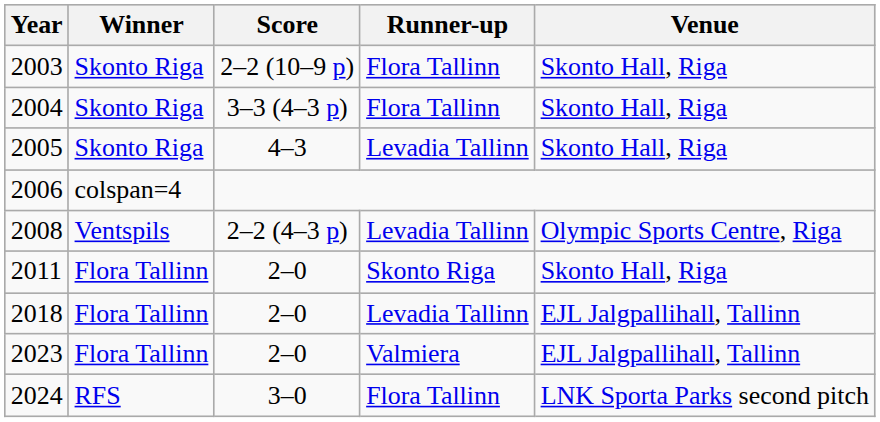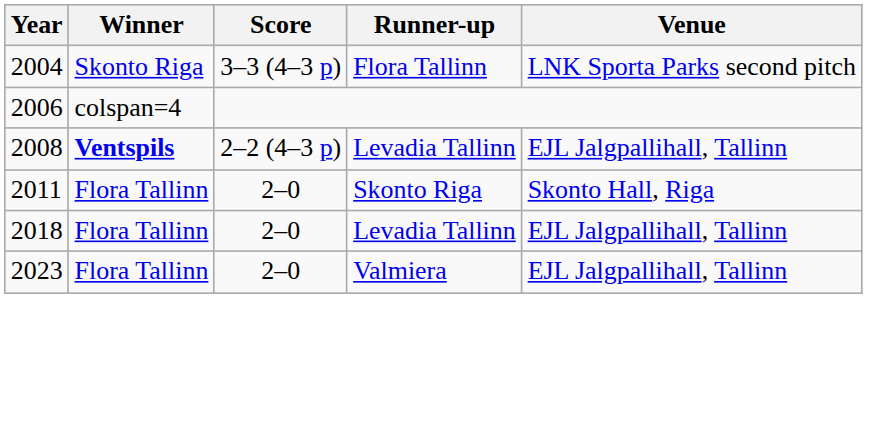 <table class="wikitable sortable">
 <tr>
 <th>Year</th>
 <th>Winner</th>
 <th>Score</th>
 <th>Runner-up</th>
 <th>Venue</th>
 </tr>
 <tr>
-<td>2003</td>
-<td> <a href='#'>Skonto Riga</a></td>
-<td align=center>2–2 (10–9 <a href='#'>p</a>)</td>
-<td> <a href='#'>Flora Tallinn</a></td>
-<td><a href='#'>Skonto Hall</a>, <a href='#'>Riga</a></td>
-</tr>
-<tr>
 <td>2004</td>
 <td> <a href='#'>Skonto Riga</a></td>
 <td align=center>3–3 (4–3 <a href='#'>p</a>)</td>
 <td> <a href='#'>Flora Tallinn</a></td>
-<td><a href='#'>Skonto Hall</a>, <a href='#'>Riga</a></td>
-</tr>
-<tr>
-<td>2005</td>
-<td> <a href='#'>Skonto Riga</a></td>
-<td align=center>4–3</td>
-<td> <a href='#'>Levadia Tallinn</a></td>
-<td><a href='#'>Skonto Hall</a>, <a href='#'>Riga</a></td>
+<td><a href='#'>LNK Sporta Parks</a> second pitch</td>
 </tr>
 <tr>
 <td>2006</td>
 <td>colspan=4 </td>
 </tr>
 <tr>
 <td>2008</td>
-<td> <a href='#'>Ventspils</a></td>
+<td><strong> <a href='#'>Ventspils</a></strong></td>
 <td align=center>2–2 (4–3 <a href='#'>p</a>)</td>
 <td> <a href='#'>Levadia Tallinn</a></td>
-<td><a href='#'>Olympic Sports Centre</a>, <a href='#'>Riga</a></td>
+<td><a href='#'>EJL Jalgpallihall</a>, <a href='#'>Tallinn</a></td>
 </tr>
 <tr>
 <td>2011</td>
 <td> <a href='#'>Flora Tallinn</a></td>
 <td align=center>2–0</td>
 <td> <a href='#'>Skonto Riga</a></td>
 <td><a href='#'>Skonto Hall</a>, <a href='#'>Riga</a></td>
 </tr>
 <tr>
 <td>2018</td>
 <td> <a href='#'>Flora Tallinn</a></td>
 <td align=center>2–0</td>
 <td> <a href='#'>Levadia Tallinn</a></td>
 <td><a href='#'>EJL Jalgpallihall</a>, <a href='#'>Tallinn</a></td>
 </tr>
 <tr>
 <td>2023</td>
 <td> <a href='#'>Flora Tallinn</a></td>
 <td align=center>2–0</td>
 <td> <a href='#'>Valmiera</a></td>
 <td><a href='#'>EJL Jalgpallihall</a>, <a href='#'>Tallinn</a></td>
 </tr>
-<tr>
-<td>2024</td>
-<td> <a href='#'>RFS</a></td>
-<td align=center>3–0</td>
-<td> <a href='#'>Flora Tallinn</a></td>
-<td><a href='#'>LNK Sporta Parks</a> second pitch</td>
-</tr>
 </table>
